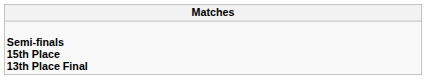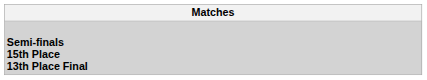 <table class="wikitable collapsible collapsed" style="width:100%;">
 <tr>
 <th>Matches</th>
 </tr>
 <tr>
-<td><br><strong>Semi-finals</strong>  <br><strong>15th Place</strong> <br><strong>13th Place Final</strong> </td>
+<td style="background: lightgrey;"><br><strong>Semi-finals</strong>  <br><strong>15th Place</strong> <br><strong>13th Place Final</strong> </td>
 </tr>
 </table>
